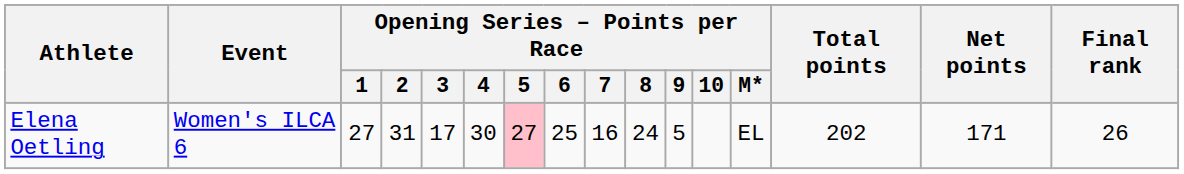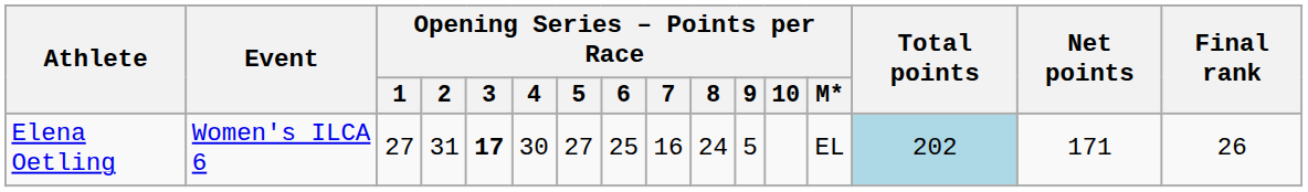 <table class="wikitable" style="font-size:90%">
 <tr>
 <th rowspan="2">Athlete</th>
 <th rowspan="2">Event</th>
 <th colspan=11>Opening Series – Points per Race</th>
 <th rowspan=2>Total points</th>
 <th rowspan=2>Net points</th>
 <th rowspan=2>Final rank</th>
 </tr>
 <tr style="font-size:95%">
 <th>1</th>
 <th>2</th>
 <th>3</th>
 <th>4</th>
 <th>5</th>
 <th>6</th>
 <th>7</th>
 <th>8</th>
 <th>9</th>
 <th>10</th>
 <th>M*</th>
 </tr>
 <tr align=center>
 <td align=left><a href='#'>Elena Oetling</a></td>
 <td align=left><a href='#'>Women's ILCA 6</a></td>
 <td>27</td>
 <td><span>31</span></td>
-<td>17</td>
+<td><strong>17</strong></td>
 <td>30</td>
-<td style="background: pink;">27</td>
+<td>27</td>
 <td>25</td>
 <td>16</td>
 <td>24</td>
 <td>5</td>
 <td></td>
 <td>EL</td>
-<td>202</td>
+<td style="background: lightblue;">202</td>
 <td>171</td>
 <td>26</td>
 </tr>
 </table>
